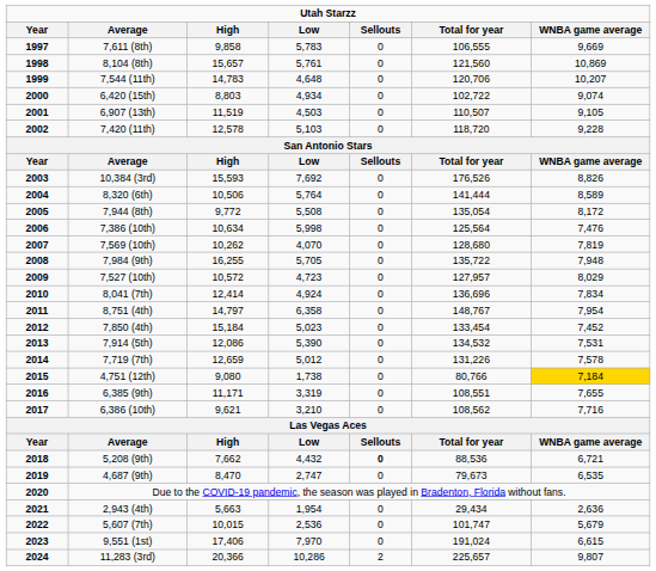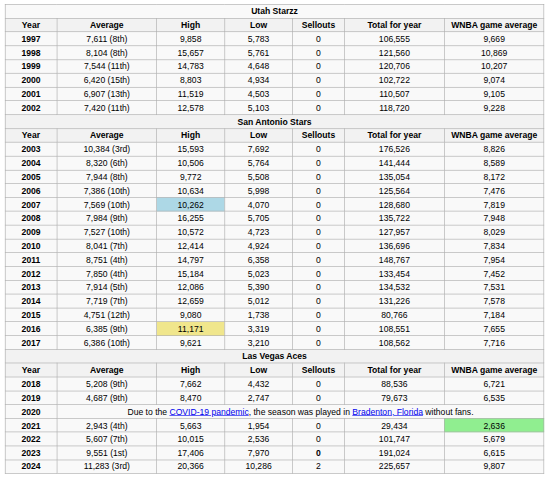 <table class="wikitable" style="clear:both; min-width:70%; font-size:88%; margin:1.5em auto; text-align:center;">
 <tr>
 <td colspan=8><strong>Utah Starzz</strong></td>
 </tr>
 <tr>
 <th width=75>Year</th>
 <th width=150>Average</th>
 <th width=100>High</th>
 <th width=100>Low</th>
 <th width=75>Sellouts</th>
 <th width=150>Total for year</th>
 <th width=150>WNBA game average</th>
 </tr>
 <tr>
 <td><strong>1997</strong></td>
 <td>7,611 (8th)</td>
 <td>9,858</td>
 <td>5,783</td>
 <td>0</td>
 <td>106,555</td>
 <td>9,669</td>
 </tr>
 <tr>
 <td><strong>1998</strong></td>
 <td>8,104 (8th)</td>
 <td>15,657</td>
 <td>5,761</td>
 <td>0</td>
 <td>121,560</td>
 <td>10,869</td>
 </tr>
 <tr>
 <td><strong>1999</strong></td>
 <td>7,544 (11th)</td>
 <td>14,783</td>
 <td>4,648</td>
 <td>0</td>
 <td>120,706</td>
 <td>10,207</td>
 </tr>
 <tr>
 <td><strong>2000</strong></td>
 <td>6,420 (15th)</td>
 <td>8,803</td>
 <td>4,934</td>
 <td>0</td>
 <td>102,722</td>
 <td>9,074</td>
 </tr>
 <tr>
 <td><strong>2001</strong></td>
 <td>6,907 (13th)</td>
 <td>11,519</td>
 <td>4,503</td>
 <td>0</td>
 <td>110,507</td>
 <td>9,105</td>
 </tr>
 <tr>
 <td><strong>2002</strong></td>
 <td>7,420 (11th)</td>
 <td>12,578</td>
 <td>5,103</td>
 <td>0</td>
 <td>118,720</td>
 <td>9,228</td>
 </tr>
 <tr>
 <th colspan=8>San Antonio Stars</th>
 </tr>
 <tr>
 <th width=75>Year</th>
 <th width=150>Average</th>
 <th width=100>High</th>
 <th width=100>Low</th>
 <th width=75>Sellouts</th>
 <th width=150>Total for year</th>
 <th width=150>WNBA game average</th>
 </tr>
 <tr>
 <td><strong>2003</strong></td>
 <td>10,384 (3rd)</td>
 <td>15,593</td>
 <td>7,692</td>
 <td>0</td>
 <td>176,526</td>
 <td>8,826</td>
 </tr>
 <tr>
 <td><strong>2004</strong></td>
 <td>8,320 (6th)</td>
 <td>10,506</td>
 <td>5,764</td>
 <td>0</td>
 <td>141,444</td>
 <td>8,589</td>
 </tr>
 <tr>
 <td><strong>2005</strong></td>
 <td>7,944 (8th)</td>
 <td>9,772</td>
 <td>5,508</td>
 <td>0</td>
 <td>135,054</td>
 <td>8,172</td>
 </tr>
 <tr>
 <td><strong>2006</strong></td>
 <td>7,386 (10th)</td>
 <td>10,634</td>
 <td>5,998</td>
 <td>0</td>
 <td>125,564</td>
 <td>7,476</td>
 </tr>
 <tr>
 <td><strong>2007</strong></td>
 <td>7,569 (10th)</td>
-<td>10,262</td>
+<td style="background: lightblue;">10,262</td>
 <td>4,070</td>
 <td>0</td>
 <td>128,680</td>
 <td>7,819</td>
 </tr>
 <tr>
 <td><strong>2008</strong></td>
 <td>7,984 (9th)</td>
 <td>16,255</td>
 <td>5,705</td>
 <td>0</td>
 <td>135,722</td>
 <td>7,948</td>
 </tr>
 <tr>
 <td><strong>2009</strong></td>
 <td>7,527 (10th)</td>
 <td>10,572</td>
 <td>4,723</td>
 <td>0</td>
 <td>127,957</td>
 <td>8,029</td>
 </tr>
 <tr>
 <td><strong>2010</strong></td>
 <td>8,041 (7th)</td>
 <td>12,414</td>
 <td>4,924</td>
 <td>0</td>
 <td>136,696</td>
 <td>7,834</td>
 </tr>
 <tr>
 <td><strong>2011</strong></td>
 <td>8,751 (4th)</td>
 <td>14,797</td>
 <td>6,358</td>
 <td>0</td>
 <td>148,767</td>
 <td>7,954</td>
 </tr>
 <tr>
 <td><strong>2012</strong></td>
 <td>7,850 (4th)</td>
 <td>15,184</td>
 <td>5,023</td>
 <td>0</td>
 <td>133,454</td>
 <td>7,452</td>
 </tr>
 <tr>
 <td><strong>2013</strong></td>
 <td>7,914 (5th)</td>
 <td>12,086</td>
 <td>5,390</td>
 <td>0</td>
 <td>134,532</td>
 <td>7,531</td>
 </tr>
 <tr>
 <td><strong>2014</strong></td>
 <td>7,719 (7th)</td>
 <td>12,659</td>
 <td>5,012</td>
 <td>0</td>
 <td>131,226</td>
 <td>7,578</td>
 </tr>
 <tr>
 <td><strong>2015</strong></td>
 <td>4,751 (12th)</td>
 <td>9,080</td>
 <td>1,738</td>
 <td>0</td>
 <td>80,766</td>
-<td style="background: gold;">7,184</td>
+<td>7,184</td>
 </tr>
 <tr>
 <td><strong>2016</strong></td>
 <td>6,385 (9th)</td>
-<td>11,171</td>
+<td style="background: khaki;">11,171</td>
 <td>3,319</td>
 <td>0</td>
 <td>108,551</td>
 <td>7,655</td>
 </tr>
 <tr>
 <td><strong>2017</strong></td>
 <td>6,386 (10th)</td>
 <td>9,621</td>
 <td>3,210</td>
 <td>0</td>
 <td>108,562</td>
 <td>7,716</td>
 </tr>
 <tr>
 <th colspan=8>Las Vegas Aces</th>
 </tr>
 <tr>
 <th width=75>Year</th>
 <th width=150>Average</th>
 <th width=100>High</th>
 <th width=100>Low</th>
 <th width=75>Sellouts</th>
 <th width=150>Total for year</th>
 <th width=150>WNBA game average</th>
 </tr>
 <tr>
 <td><strong>2018</strong></td>
 <td>5,208 (9th)</td>
 <td>7,662</td>
 <td>4,432</td>
-<td><strong>0</strong></td>
+<td>0</td>
 <td>88,536</td>
 <td>6,721</td>
 </tr>
 <tr>
 <td><strong>2019</strong></td>
 <td>4,687 (9th)</td>
 <td>8,470</td>
 <td>2,747</td>
 <td>0</td>
 <td>79,673</td>
 <td>6,535</td>
 </tr>
 <tr align="center">
 <td><strong>2020</strong></td>
 <td colspan=6>Due to the <a href='#'>COVID-19 pandemic</a>, the season was played in <a href='#'>Bradenton, Florida</a> without fans.</td>
 </tr>
 <tr>
 <td><strong>2021</strong></td>
 <td>2,943 (4th)</td>
 <td>5,663</td>
 <td>1,954</td>
 <td>0</td>
 <td>29,434</td>
-<td>2,636</td>
+<td style="background: lightgreen;">2,636</td>
 </tr>
 <tr>
 <td><strong>2022</strong></td>
 <td>5,607 (7th)</td>
 <td>10,015</td>
 <td>2,536</td>
 <td>0</td>
 <td>101,747</td>
 <td>5,679</td>
 </tr>
 <tr>
 <td><strong>2023</strong></td>
 <td>9,551 (1st)</td>
 <td>17,406</td>
 <td>7,970</td>
-<td>0</td>
+<td><strong>0</strong></td>
 <td>191,024</td>
 <td>6,615</td>
 </tr>
 <tr>
 <td><strong>2024</strong></td>
 <td>11,283 (3rd)</td>
 <td>20,366</td>
 <td>10,286</td>
 <td>2</td>
 <td>225,657</td>
 <td>9,807</td>
 </tr>
 </table>
